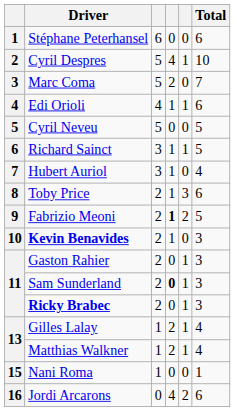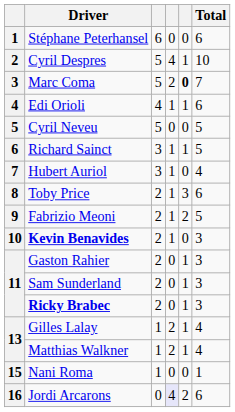 <table class="wikitable sortable">
 <tr>
 <th></th>
 <th>Driver</th>
 <th></th>
 <th></th>
 <th></th>
 <th>Total</th>
 </tr>
 <tr>
 <th>1</th>
 <td align=left> <a href='#'>Stéphane Peterhansel</a></td>
 <td>6</td>
 <td>0</td>
 <td>0</td>
 <td>6</td>
 </tr>
 <tr>
 <th>2</th>
 <td align=left> <a href='#'>Cyril Despres</a></td>
 <td>5</td>
 <td>4</td>
 <td>1</td>
 <td>10</td>
 </tr>
 <tr>
 <th>3</th>
 <td align=left> <a href='#'>Marc Coma</a></td>
 <td>5</td>
 <td>2</td>
-<td>0</td>
+<td><strong>0</strong></td>
 <td>7</td>
 </tr>
 <tr>
 <th>4</th>
 <td align=left> <a href='#'>Edi Orioli</a></td>
 <td>4</td>
 <td>1</td>
 <td>1</td>
 <td>6</td>
 </tr>
 <tr>
 <th>5</th>
 <td align=left> <a href='#'>Cyril Neveu</a></td>
 <td>5</td>
 <td>0</td>
 <td>0</td>
 <td>5</td>
 </tr>
 <tr>
 <th>6</th>
 <td align=left> <a href='#'>Richard Sainct</a></td>
 <td>3</td>
 <td>1</td>
 <td>1</td>
 <td>5</td>
 </tr>
 <tr>
 <th>7</th>
 <td align=left> <a href='#'>Hubert Auriol</a></td>
 <td>3</td>
 <td>1</td>
 <td>0</td>
 <td>4</td>
 </tr>
 <tr>
 <th>8</th>
 <td align=left> <a href='#'>Toby Price</a></td>
 <td>2</td>
 <td>1</td>
 <td>3</td>
 <td>6</td>
 </tr>
 <tr>
 <th>9</th>
 <td align=left> <a href='#'>Fabrizio Meoni</a></td>
 <td>2</td>
-<td><strong>1</strong></td>
+<td>1</td>
 <td>2</td>
 <td>5</td>
 </tr>
 <tr>
 <th>10</th>
 <td align=left> <strong><a href='#'>Kevin Benavides</a></strong></td>
 <td>2</td>
 <td>1</td>
 <td>0</td>
 <td>3</td>
 </tr>
 <tr>
 <th rowspan=3>11</th>
 <td align=left> <a href='#'>Gaston Rahier</a></td>
 <td>2</td>
 <td>0</td>
 <td>1</td>
 <td>3</td>
 </tr>
 <tr>
 <td align=left> <a href='#'>Sam Sunderland</a></td>
 <td>2</td>
-<td><strong>0</strong></td>
+<td>0</td>
 <td>1</td>
 <td>3</td>
 </tr>
 <tr>
 <td align=left> <strong><a href='#'>Ricky Brabec</a></strong></td>
 <td>2</td>
 <td>0</td>
 <td>1</td>
 <td>3</td>
 </tr>
 <tr>
 <th rowspan=2>13</th>
 <td align=left> <a href='#'>Gilles Lalay</a></td>
 <td>1</td>
 <td>2</td>
 <td>1</td>
 <td>4</td>
 </tr>
 <tr>
 <td align=left> <a href='#'>Matthias Walkner</a></td>
 <td>1</td>
 <td>2</td>
 <td>1</td>
 <td>4</td>
 </tr>
 <tr>
 <th>15</th>
 <td align=left> <a href='#'>Nani Roma</a></td>
 <td>1</td>
 <td>0</td>
 <td>0</td>
 <td>1</td>
 </tr>
 <tr>
 <th>16</th>
 <td align=left> <a href='#'>Jordi Arcarons</a></td>
 <td>0</td>
-<td>4</td>
+<td style="background: lavender;">4</td>
 <td>2</td>
 <td>6</td>
 </tr>
 </table>
